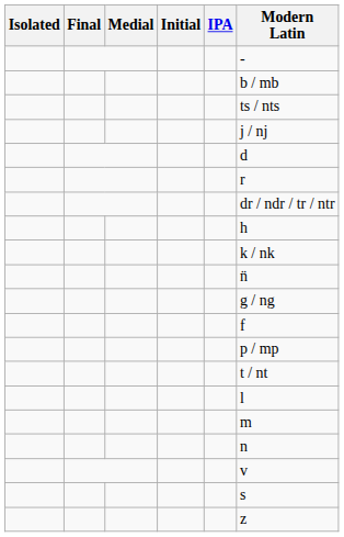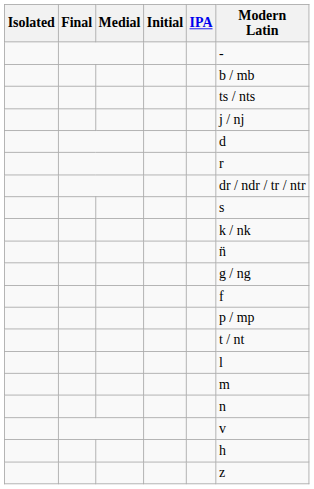 <table class="wikitable">
 <tr>
 <th>Isolated</th>
 <th>Final</th>
 <th>Medial</th>
 <th>Initial</th>
 <th><a href='#'>IPA</a></th>
 <th>Modern<br>Latin</th>
 </tr>
 <tr>
 <td><span></span></td>
 <td colspan=2><span></span></td>
 <td><span></span></td>
 <td></td>
 <td>-</td>
 </tr>
 <tr>
 <td><span></span></td>
 <td><span></span></td>
 <td><span></span></td>
 <td><span></span></td>
 <td></td>
 <td>b / mb</td>
 </tr>
 <tr>
 <td><span></span></td>
 <td><span></span></td>
 <td><span></span></td>
 <td><span></span></td>
 <td></td>
 <td>ts / nts</td>
 </tr>
 <tr>
 <td><span></span></td>
 <td><span></span></td>
 <td><span></span></td>
 <td><span></span></td>
 <td></td>
 <td>j / nj</td>
 </tr>
 <tr>
 <td><span></span></td>
 <td colspan=2><span></span></td>
 <td><span></span></td>
 <td></td>
 <td>d</td>
 </tr>
 <tr>
 <td><span></span></td>
 <td colspan=2><span></span></td>
 <td><span></span></td>
 <td></td>
 <td>r</td>
 </tr>
 <tr>
 <td><span></span></td>
 <td colspan=2><span></span></td>
 <td><span></span></td>
 <td></td>
 <td>dr / ndr / tr / ntr</td>
 </tr>
 <tr>
 <td><span></span></td>
 <td><span></span></td>
 <td><span></span></td>
 <td><span></span></td>
 <td></td>
-<td>h</td>
+<td>s</td>
 </tr>
 <tr>
 <td><span></span></td>
 <td><span></span></td>
 <td><span></span></td>
 <td><span></span></td>
 <td></td>
 <td>k / nk</td>
 </tr>
 <tr>
 <td><span></span></td>
 <td><span></span></td>
 <td><span></span></td>
 <td><span></span></td>
 <td></td>
 <td>n̈</td>
 </tr>
 <tr>
 <td><span></span></td>
 <td><span></span></td>
 <td><span></span></td>
 <td><span></span></td>
 <td></td>
 <td>g / ng</td>
 </tr>
 <tr>
 <td><span></span></td>
 <td><span></span></td>
 <td><span></span></td>
 <td><span></span></td>
 <td></td>
 <td>f</td>
 </tr>
 <tr>
 <td><span></span></td>
 <td><span></span></td>
 <td><span></span></td>
 <td><span></span></td>
 <td></td>
 <td>p / mp</td>
 </tr>
 <tr>
 <td><span></span></td>
 <td><span></span></td>
 <td><span></span></td>
 <td><span></span></td>
 <td></td>
 <td>t / nt</td>
 </tr>
 <tr>
 <td><span></span></td>
 <td><span></span></td>
 <td><span></span></td>
 <td><span></span></td>
 <td></td>
 <td>l</td>
 </tr>
 <tr>
 <td><span></span></td>
 <td><span></span></td>
 <td><span></span></td>
 <td><span></span></td>
 <td></td>
 <td>m</td>
 </tr>
 <tr>
 <td><span></span></td>
 <td><span></span></td>
 <td><span></span></td>
 <td><span></span></td>
 <td></td>
 <td>n</td>
 </tr>
 <tr>
 <td><span></span></td>
 <td colspan=2><span></span></td>
 <td><span></span></td>
 <td></td>
 <td>v</td>
 </tr>
 <tr>
 <td><span></span></td>
 <td><span></span></td>
 <td><span></span></td>
 <td><span></span></td>
 <td></td>
-<td>s</td>
+<td>h</td>
 </tr>
 <tr>
 <td><span></span></td>
 <td><span></span></td>
 <td><span></span></td>
 <td><span></span></td>
 <td></td>
 <td>z</td>
 </tr>
 </table>
